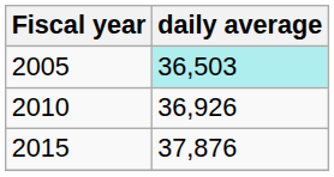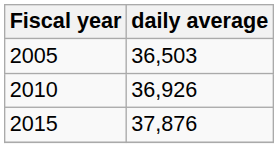 <table class="wikitable">
 <tr>
 <th>Fiscal year</th>
 <th>daily average</th>
 </tr>
 <tr>
 <td>2005</td>
-<td style="background: paleturquoise;">36,503</td>
+<td>36,503</td>
 </tr>
 <tr>
 <td>2010</td>
 <td>36,926</td>
 </tr>
 <tr>
 <td>2015</td>
 <td>37,876</td>
 </tr>
 <tr>
 </tr>
 </table>
